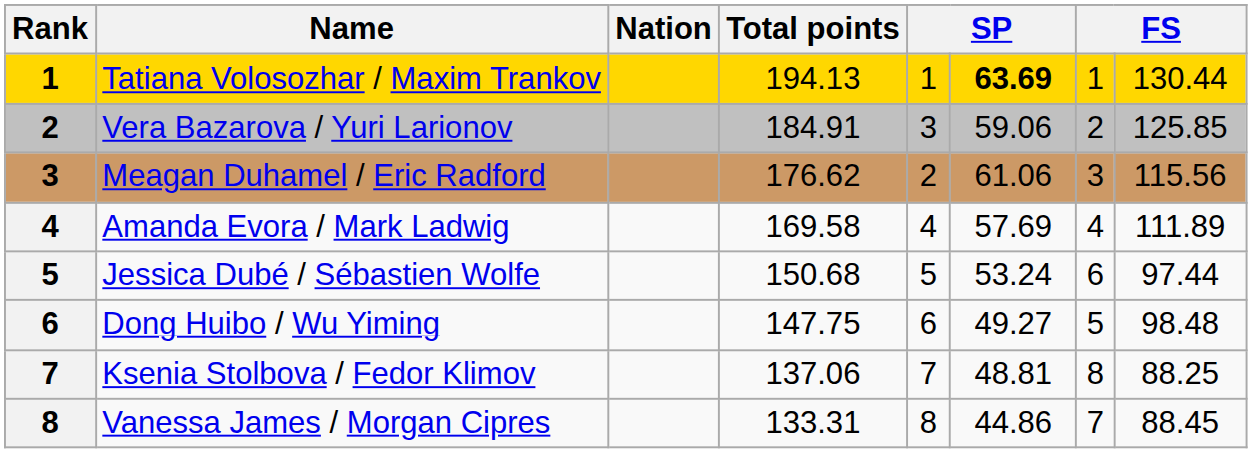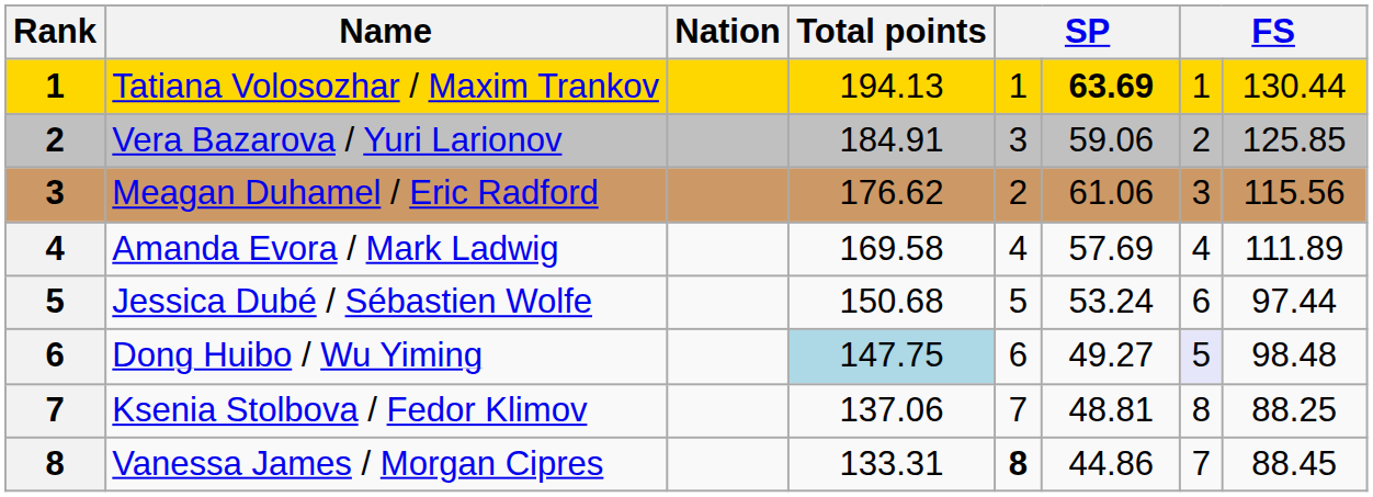 <table class="wikitable sortable">
 <tr>
 <th>Rank</th>
 <th>Name</th>
 <th>Nation</th>
 <th>Total points</th>
 <th colspan="2" width="80px"><a href='#'>SP</a></th>
 <th colspan="2" width="80px"><a href='#'>FS</a></th>
 </tr>
 <tr bgcolor="gold">
 <td align="center"><strong>1</strong></td>
 <td><a href='#'>Tatiana Volosozhar</a> / <a href='#'>Maxim Trankov</a></td>
 <td></td>
 <td align="center">194.13</td>
 <td align="center">1</td>
 <td align="center"><strong>63.69</strong></td>
 <td align="center">1</td>
 <td align="center">130.44</td>
 </tr>
 <tr bgcolor="silver">
 <td align="center"><strong>2</strong></td>
 <td><a href='#'>Vera Bazarova</a> / <a href='#'>Yuri Larionov</a></td>
 <td></td>
 <td align="center">184.91</td>
 <td align="center">3</td>
 <td align="center">59.06</td>
 <td align="center">2</td>
 <td align="center">125.85</td>
 </tr>
 <tr bgcolor="cc9966">
 <td align="center"><strong>3</strong></td>
 <td><a href='#'>Meagan Duhamel</a> / <a href='#'>Eric Radford</a></td>
 <td></td>
 <td align="center">176.62</td>
 <td align="center">2</td>
 <td align="center">61.06</td>
 <td align="center">3</td>
 <td align="center">115.56</td>
 </tr>
 <tr>
 <th>4</th>
 <td><a href='#'>Amanda Evora</a> / <a href='#'>Mark Ladwig</a></td>
 <td></td>
 <td align="center">169.58</td>
 <td align="center">4</td>
 <td align="center">57.69</td>
 <td align="center">4</td>
 <td align="center">111.89</td>
 </tr>
 <tr>
 <th>5</th>
 <td><a href='#'>Jessica Dubé</a> / <a href='#'>Sébastien Wolfe</a></td>
 <td></td>
 <td align="center">150.68</td>
 <td align="center">5</td>
 <td align="center">53.24</td>
 <td align="center">6</td>
 <td align="center">97.44</td>
 </tr>
 <tr>
 <th>6</th>
 <td><a href='#'>Dong Huibo</a> / <a href='#'>Wu Yiming</a></td>
 <td></td>
-<td align="center">147.75</td>
+<td align="center" style="background: lightblue;">147.75</td>
 <td align="center">6</td>
 <td align="center">49.27</td>
-<td align="center">5</td>
+<td align="center" style="background: lavender;">5</td>
 <td align="center">98.48</td>
 </tr>
 <tr>
 <th>7</th>
 <td><a href='#'>Ksenia Stolbova</a> / <a href='#'>Fedor Klimov</a></td>
 <td></td>
 <td align="center">137.06</td>
 <td align="center">7</td>
 <td align="center">48.81</td>
 <td align="center">8</td>
 <td align="center">88.25</td>
 </tr>
 <tr>
 <th>8</th>
 <td><a href='#'>Vanessa James</a> / <a href='#'>Morgan Cipres</a></td>
 <td></td>
 <td align="center">133.31</td>
-<td align="center">8</td>
+<td align="center"><strong>8</strong></td>
 <td align="center">44.86</td>
 <td align="center">7</td>
 <td align="center">88.45</td>
 </tr>
 </table>
